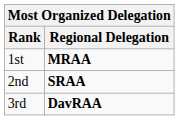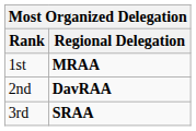 <table class="wikitable sortable">
 <tr>
 <th colspan=5>Most Organized Delegation</th>
 </tr>
 <tr>
 <th>Rank</th>
 <th>Regional Delegation</th>
 </tr>
 <tr>
 <td>1st</td>
 <td> <strong>MRAA</strong></td>
 </tr>
 <tr>
 <td>2nd</td>
-<td> <strong>SRAA</strong></td>
+<td> <strong>DavRAA</strong></td>
 </tr>
 <tr>
 <td>3rd</td>
-<td> <strong>DavRAA</strong></td>
+<td> <strong>SRAA</strong></td>
 </tr>
 </table>
